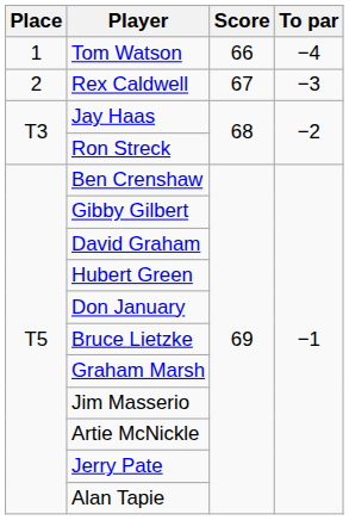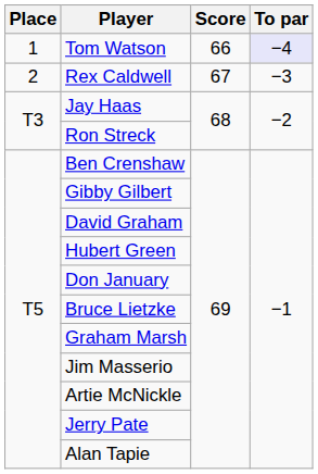 <table class=wikitable>
 <tr>
 <th>Place</th>
 <th>Player</th>
 <th>Score</th>
 <th>To par</th>
 </tr>
 <tr>
 <td align=center>1</td>
 <td> <a href='#'>Tom Watson</a></td>
 <td align=center>66</td>
-<td align=center>−4</td>
+<td align=center style="background: lavender;">−4</td>
 </tr>
 <tr>
 <td align=center>2</td>
 <td> <a href='#'>Rex Caldwell</a></td>
 <td align=center>67</td>
 <td align=center>−3</td>
 </tr>
 <tr>
 <td rowspan=2 align=center>T3</td>
 <td> <a href='#'>Jay Haas</a></td>
 <td rowspan=2 align=center>68</td>
 <td rowspan=2 align=center>−2</td>
 </tr>
 <tr>
 <td> <a href='#'>Ron Streck</a></td>
 </tr>
 <tr>
 <td rowspan=11 align=center>T5</td>
 <td> <a href='#'>Ben Crenshaw</a></td>
 <td rowspan=11 align=center>69</td>
 <td rowspan=11 align=center>−1</td>
 </tr>
 <tr>
 <td> <a href='#'>Gibby Gilbert</a></td>
 </tr>
 <tr>
 <td> <a href='#'>David Graham</a></td>
 </tr>
 <tr>
 <td> <a href='#'>Hubert Green</a></td>
 </tr>
 <tr>
 <td> <a href='#'>Don January</a></td>
 </tr>
 <tr>
 <td> <a href='#'>Bruce Lietzke</a></td>
 </tr>
 <tr>
 <td> <a href='#'>Graham Marsh</a></td>
 </tr>
 <tr>
 <td> Jim Masserio</td>
 </tr>
 <tr>
 <td> Artie McNickle</td>
 </tr>
 <tr>
 <td> <a href='#'>Jerry Pate</a></td>
 </tr>
 <tr>
 <td> Alan Tapie</td>
 </tr>
 </table>
